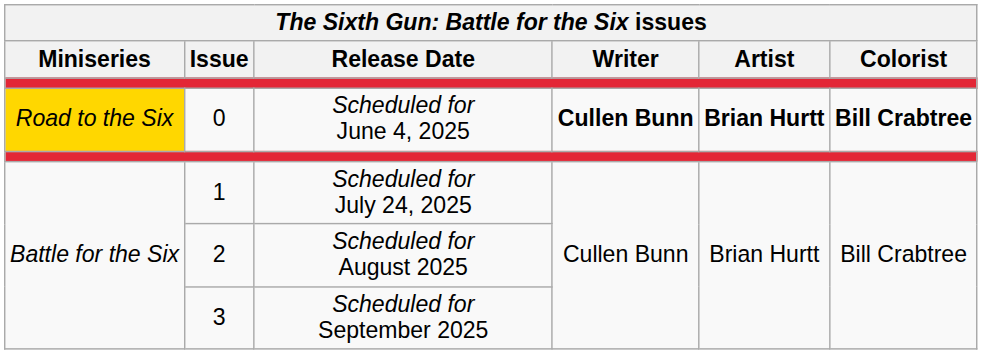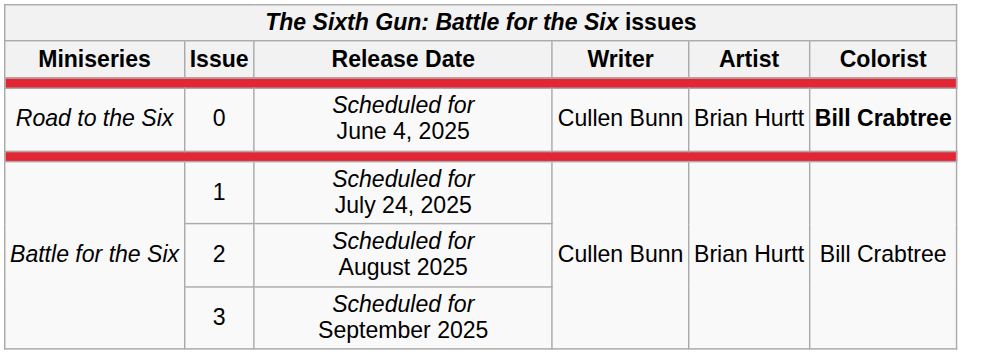 <table class="wikitable mw-collapsible mw-collapsed" style="text-align: center">
 <tr>
 <th colspan=6><em>The Sixth Gun: Battle for the Six</em> issues</th>
 </tr>
 <tr>
 <th>Miniseries</th>
 <th width="40px">Issue</th>
 <th width="200px">Release Date</th>
 <th>Writer</th>
 <th>Artist</th>
 <th>Colorist</th>
 </tr>
 <tr>
 <td colspan=6 style=background:#e32636;></td>
 </tr>
 <tr>
-<td style="background: gold;"><em>Road to the Six</em></td>
+<td><em>Road to the Six</em></td>
 <td>0</td>
 <td><em>Scheduled for</em><br>June 4, 2025</td>
-<td><strong>Cullen Bunn</strong></td>
-<td><strong>Brian Hurtt</strong></td>
+<td>Cullen Bunn</td>
+<td>Brian Hurtt</td>
 <td><strong>Bill Crabtree</strong></td>
 </tr>
 <tr>
 <td colspan=6 style=background:#e32636;></td>
 </tr>
 <tr>
 <td rowspan=3><em>Battle for the Six</em></td>
 <td>1</td>
 <td><em>Scheduled for</em><br>July 24, 2025</td>
 <td rowspan=3>Cullen Bunn</td>
 <td rowspan=3>Brian Hurtt</td>
 <td rowspan=3>Bill Crabtree</td>
 </tr>
 <tr>
 <td>2</td>
 <td><em>Scheduled for</em><br>August 2025</td>
 </tr>
 <tr>
 <td>3</td>
 <td><em>Scheduled for</em><br>September 2025</td>
 </tr>
 </table>
